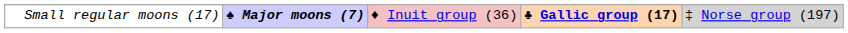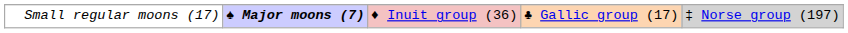 <table class="wikitable" style="margin:0; font-size:90%; text-align:left">
 <tr>
 </tr>
 <tr>
 <td style="background:#fff;">  <em>Small regular moons (17)</em></td>
 <td style="background:#ccf;">♠ <strong><em>Major moons<strong> (7)<em></td>
 <td style="background:#f4c2c2">♦ </em><a href='#'>Inuit group</a> (36)<em></td>
-<td style="background:#fdd5b1"><strong>♣ </em><a href='#'>Gallic group</a> (17)<em></strong></td>
+<td style="background:#fdd5b1">♣ </em><a href='#'>Gallic group</a> (17)<em></td>
 <td style="background:#d3d3d3">‡ </em><a href='#'>Norse group</a> (197)<em></td>
 </tr>
 </table>
